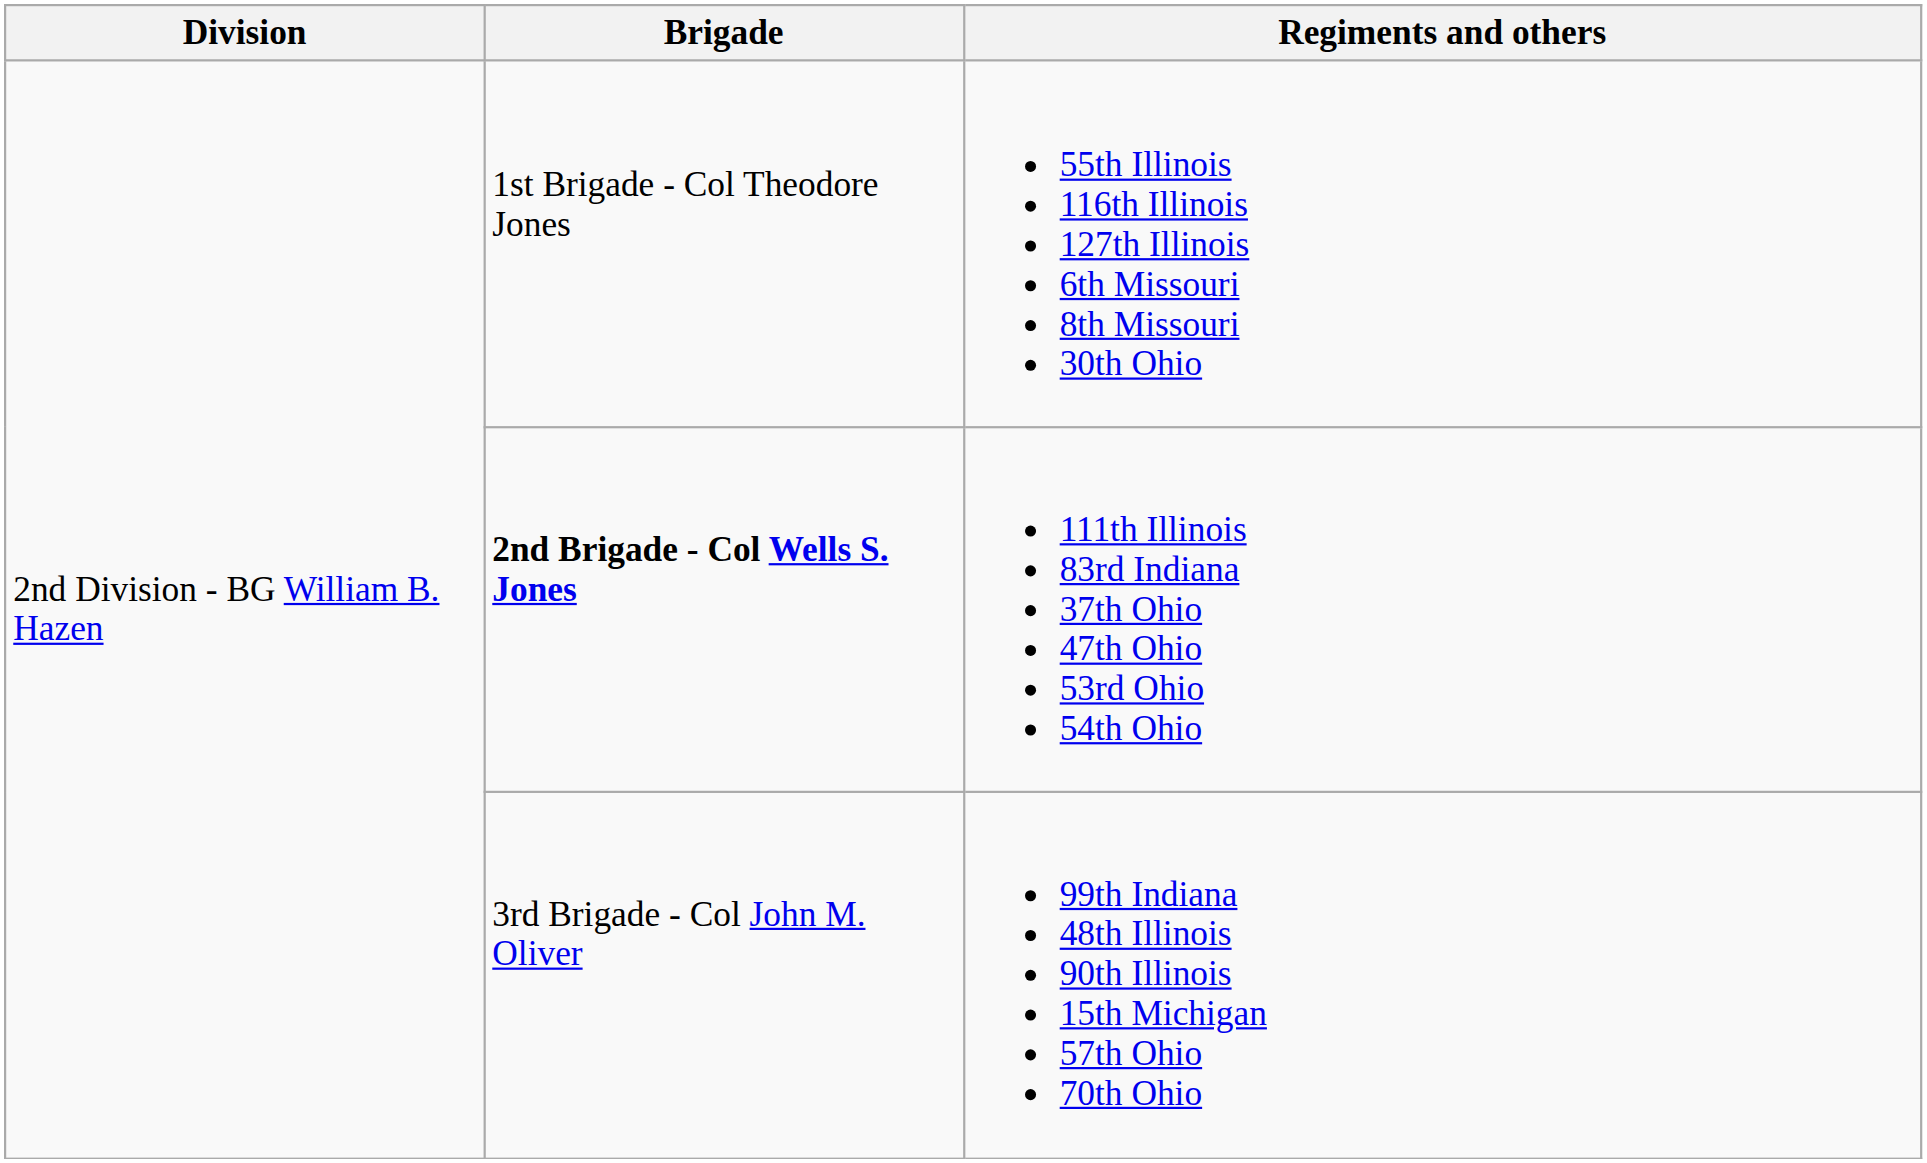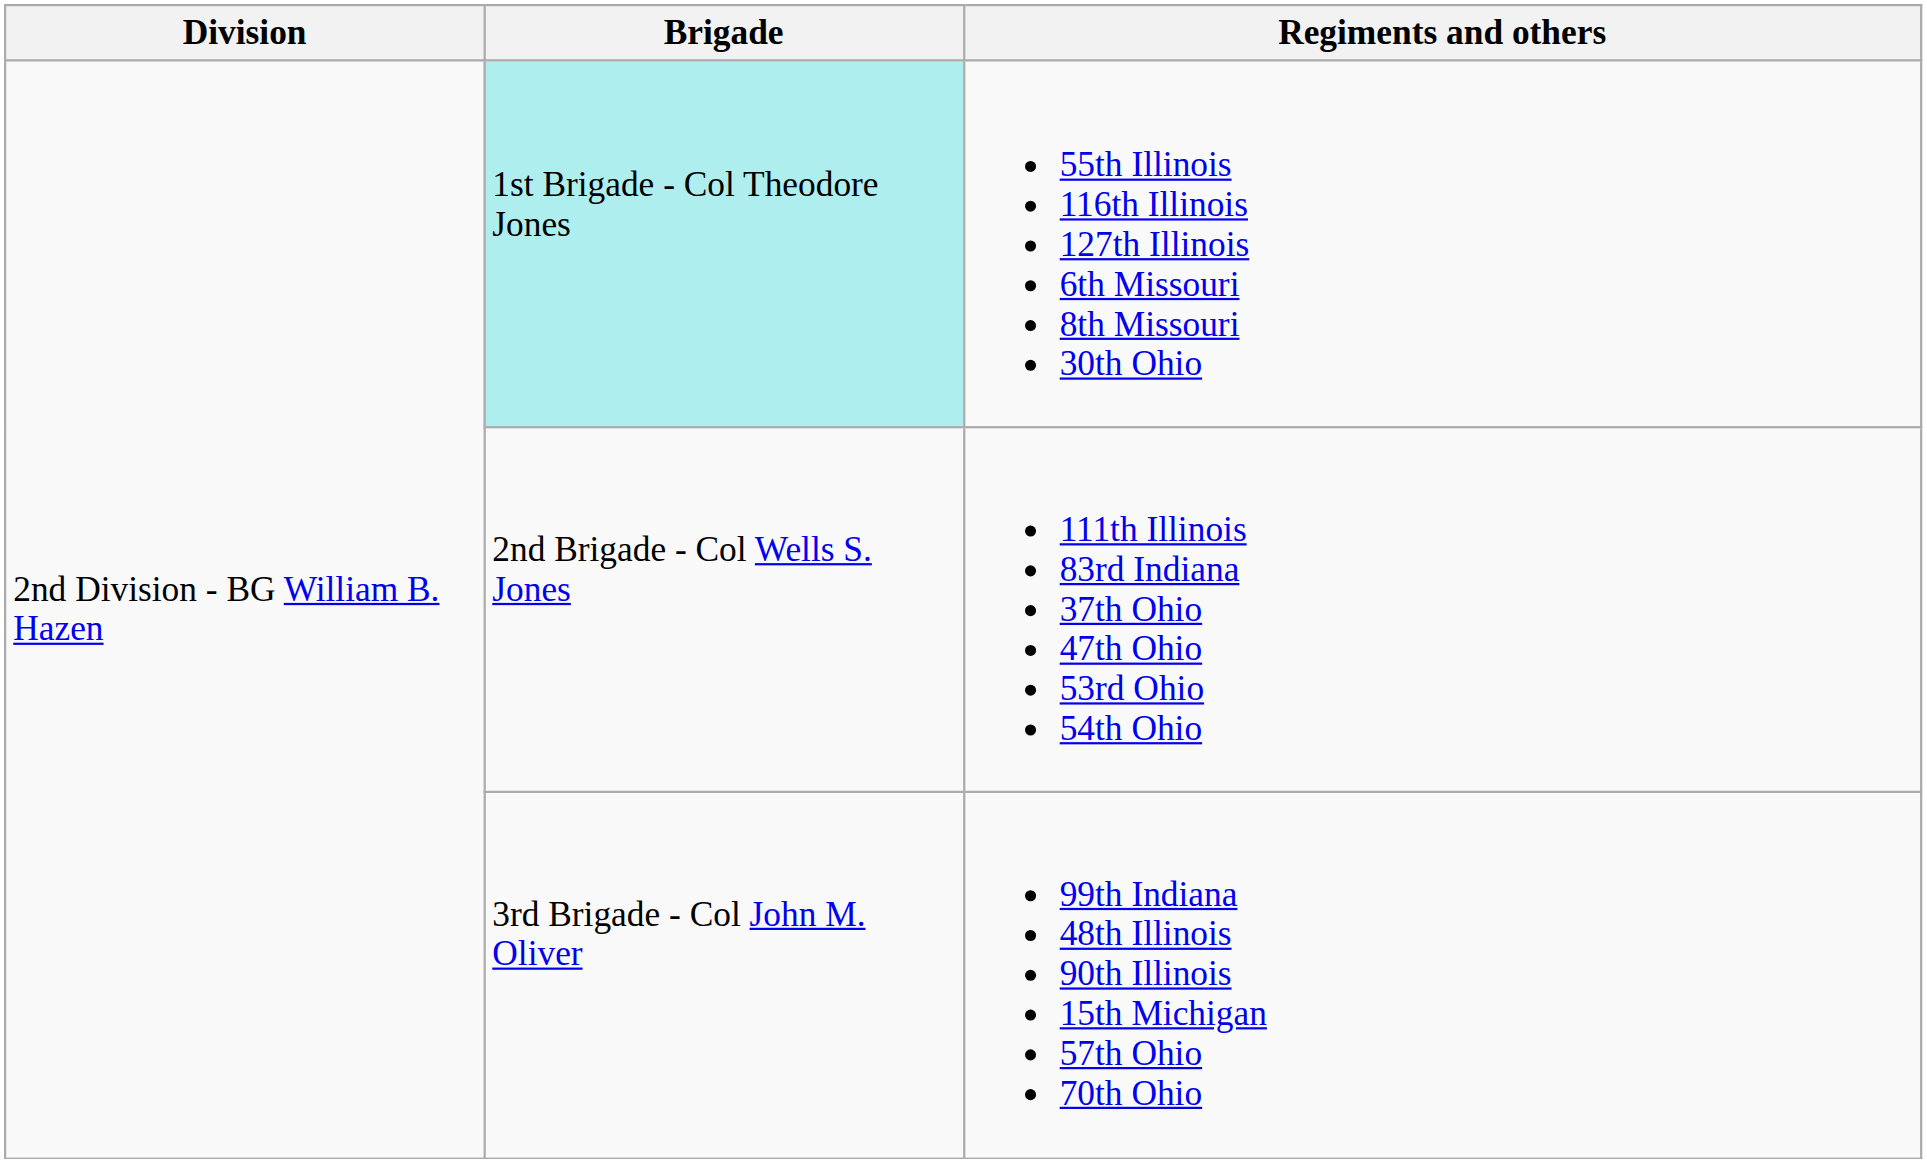 <table class="wikitable">
 <tr>
 <th style="width:25%;">Division</th>
 <th style="width:25%;">Brigade</th>
 <th>Regiments and others</th>
 </tr>
 <tr>
 <td rowspan=3><br>2nd Division - BG <a href='#'>William B. Hazen</a><br>    </td>
-<td>1st Brigade - Col Theodore Jones<br><br>  </td>
+<td style="background: paleturquoise;">1st Brigade - Col Theodore Jones<br><br>  </td>
 <td><br><ul><li><a href='#'>55th Illinois</a></li><li><a href='#'>116th Illinois</a></li><li><a href='#'>127th Illinois</a></li><li><a href='#'>6th Missouri</a></li><li><a href='#'>8th Missouri</a></li><li><a href='#'>30th Ohio</a></li></ul></td>
 </tr>
 <tr>
-<td><strong>2nd Brigade - Col <a href='#'>Wells S. Jones</a><br><br>  </strong></td>
+<td>2nd Brigade - Col <a href='#'>Wells S. Jones</a><br><br>  </td>
 <td><br><ul><li><a href='#'>111th Illinois</a></li><li><a href='#'>83rd Indiana</a></li><li><a href='#'>37th Ohio</a></li><li><a href='#'>47th Ohio</a></li><li><a href='#'>53rd Ohio</a></li><li><a href='#'>54th Ohio</a></li></ul></td>
 </tr>
 <tr>
 <td>3rd Brigade - Col <a href='#'>John M. Oliver</a><br><br>  </td>
 <td><br><ul><li><a href='#'>99th Indiana</a></li><li><a href='#'>48th Illinois</a></li><li><a href='#'>90th Illinois</a></li><li><a href='#'>15th Michigan</a></li><li><a href='#'>57th Ohio</a></li><li><a href='#'>70th Ohio</a></li></ul></td>
 </tr>
 </table>
